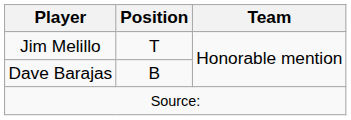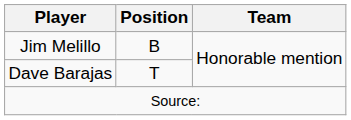 <table class="wikitable" style="text-align: center">
 <tr align=center>
 <th>Player</th>
 <th>Position</th>
 <th>Team</th>
 </tr>
 <tr>
 <td>Jim Melillo</td>
-<td>T</td>
+<td>B</td>
 <td rowspan=2>Honorable mention</td>
 </tr>
 <tr>
 <td>Dave Barajas</td>
-<td>B</td>
+<td>T</td>
 </tr>
 <tr>
 <td colspan="3"><small>Source:</small></td>
 </tr>
 </table>
